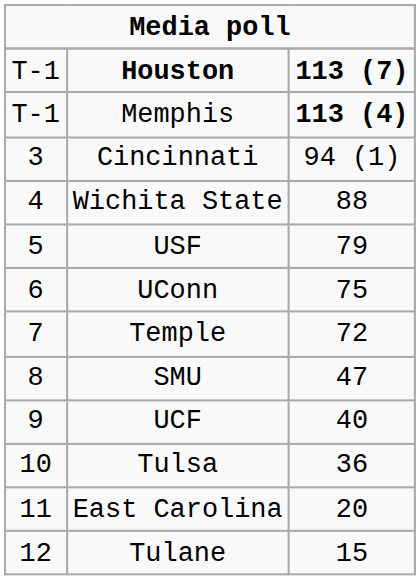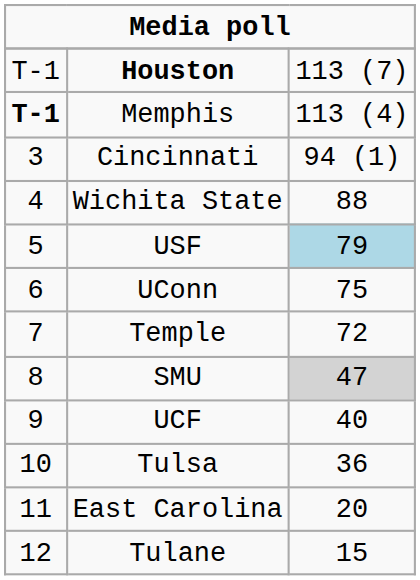 <table class="wikitable">
 <tr align="center">
 <td align="center" Colspan="3"><strong>Media poll</strong></td>
 </tr>
 <tr align="center">
 </tr>
 <tr align="center">
 <td>T-1</td>
 <td><strong>Houston</strong></td>
-<td><strong>113 (7)</strong></td>
+<td>113 (7)</td>
 </tr>
 <tr align="center">
-<td>T-1</td>
+<td><strong>T-1</strong></td>
 <td>Memphis</td>
-<td><strong>113 (4)</strong></td>
+<td>113 (4)</td>
 </tr>
 <tr align="center">
 <td>3</td>
 <td>Cincinnati</td>
 <td>94 (1)</td>
 </tr>
 <tr align="center">
 <td>4</td>
 <td>Wichita State</td>
 <td>88</td>
 </tr>
 <tr align="center">
 <td>5</td>
 <td>USF</td>
-<td>79</td>
+<td style="background: lightblue;">79</td>
 </tr>
 <tr align="center">
 <td>6</td>
 <td>UConn</td>
 <td>75</td>
 </tr>
 <tr align="center">
 <td>7</td>
 <td>Temple</td>
 <td>72</td>
 </tr>
 <tr align="center">
 <td>8</td>
 <td>SMU</td>
-<td>47</td>
+<td style="background: lightgrey;">47</td>
 </tr>
 <tr align="center">
 <td>9</td>
 <td>UCF</td>
 <td>40</td>
 </tr>
 <tr align="center">
 <td>10</td>
 <td>Tulsa</td>
 <td>36</td>
 </tr>
 <tr align="center">
 <td>11</td>
 <td>East Carolina</td>
 <td>20</td>
 </tr>
 <tr align="center">
 <td>12</td>
 <td>Tulane</td>
 <td>15</td>
 </tr>
 </table>
